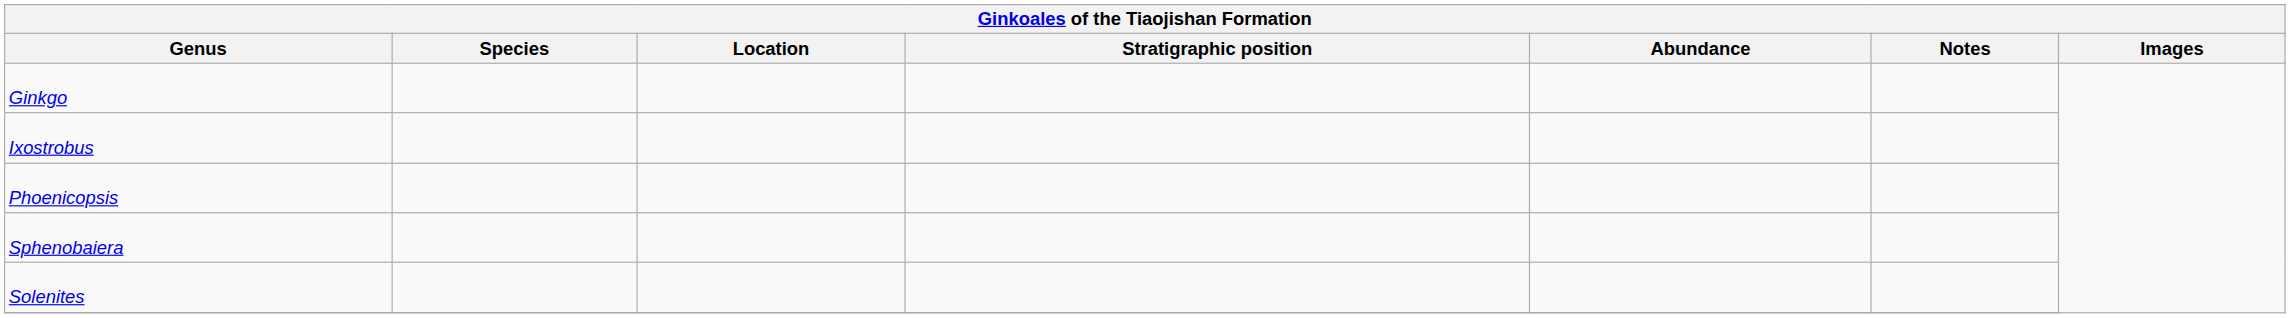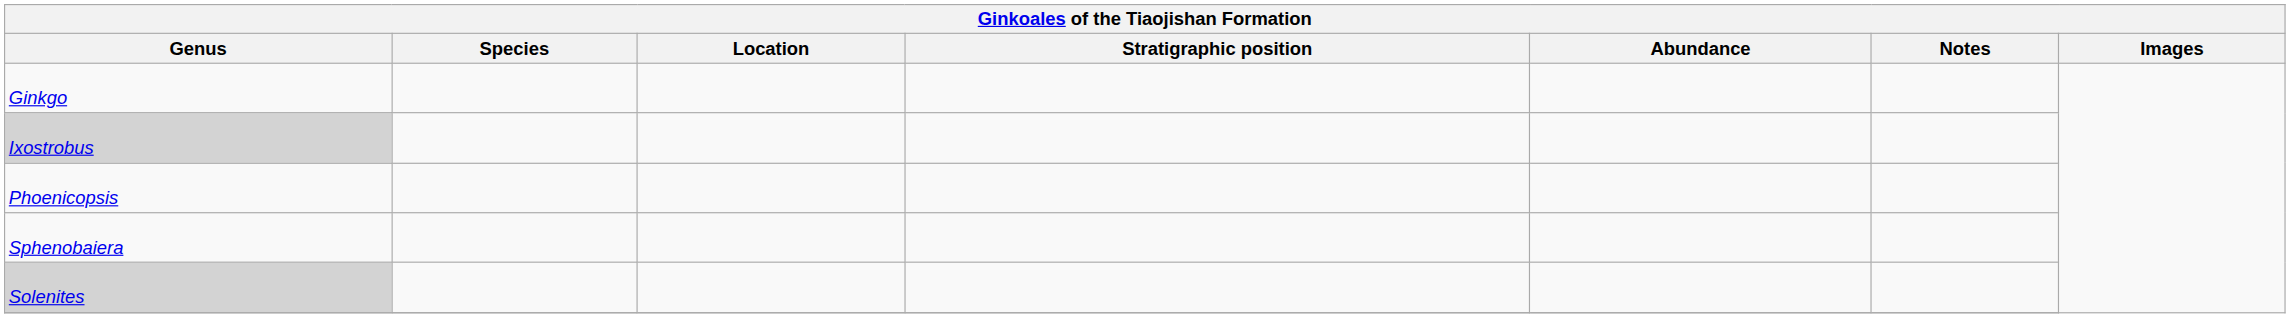 <table class="wikitable" align="center" width="100%">
 <tr>
 <th colspan="7" align="center"><strong><a href='#'>Ginkoales</a> of the Tiaojishan Formation</strong></th>
 </tr>
 <tr>
 <th>Genus</th>
 <th>Species</th>
 <th>Location</th>
 <th>Stratigraphic position</th>
 <th>Abundance</th>
 <th>Notes</th>
 <th>Images</th>
 </tr>
 <tr>
 <td><br><em><a href='#'>Ginkgo</a></em></td>
 <td></td>
 <td></td>
 <td></td>
 <td></td>
 <td></td>
 <td rowspan="99"></td>
 </tr>
 <tr>
-<td><br><em><a href='#'>Ixostrobus</a></em></td>
+<td style="background: lightgrey;"><br><em><a href='#'>Ixostrobus</a></em></td>
 <td></td>
 <td></td>
 <td></td>
 <td></td>
 <td></td>
 </tr>
 <tr>
 <td><br><em><a href='#'>Phoenicopsis</a></em></td>
 <td></td>
 <td></td>
 <td></td>
 <td></td>
 <td></td>
 </tr>
 <tr>
 <td><br><em><a href='#'>Sphenobaiera</a></em></td>
 <td></td>
 <td></td>
 <td></td>
 <td></td>
 <td></td>
 </tr>
 <tr>
-<td><br><em><a href='#'>Solenites</a></em></td>
+<td style="background: lightgrey;"><br><em><a href='#'>Solenites</a></em></td>
 <td></td>
 <td></td>
 <td></td>
 <td></td>
 <td></td>
 </tr>
 <tr>
 </tr>
 </table>
